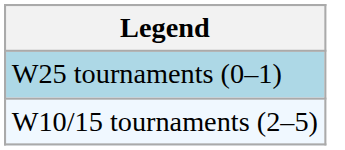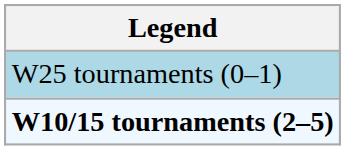 <table class="wikitable" style="font-size:85%">
 <tr>
 <th>Legend</th>
 </tr>
 <tr style="background:lightblue;">
 <td>W25 tournaments (0–1)</td>
 </tr>
 <tr style="background:#f0f8ff;">
-<td>W10/15 tournaments (2–5)</td>
+<td><strong>W10/15 tournaments (2–5)</strong></td>
 </tr>
 </table>
